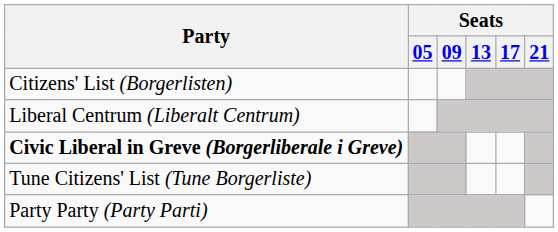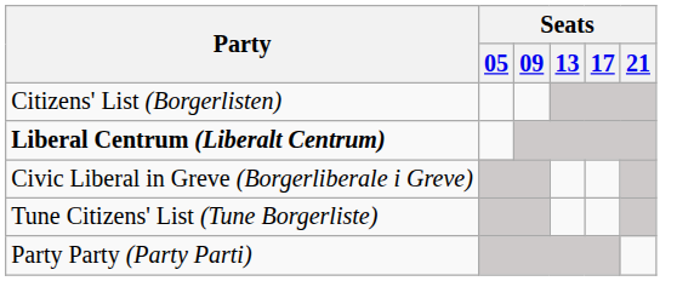 <table class="wikitable">
 <tr>
 <th rowspan=2>Party</th>
 <th colspan=11>Seats</th>
 </tr>
 <tr>
 <th><a href='#'>05</a></th>
 <th><a href='#'>09</a></th>
 <th><a href='#'>13</a></th>
 <th><a href='#'>17</a></th>
 <th><a href='#'>21</a></th>
 </tr>
 <tr>
 <td>Citizens' List <em>(Borgerlisten)</em></td>
 <td></td>
 <td></td>
 <td style="background:#CDC9C9;" colspan=3></td>
 </tr>
 <tr>
-<td>Liberal Centrum <em>(Liberalt Centrum)</em></td>
+<td><strong>Liberal Centrum <em>(Liberalt Centrum)</em></strong></td>
 <td></td>
 <td style="background:#CDC9C9;" colspan=4></td>
 </tr>
 <tr>
-<td><strong>Civic Liberal in Greve <em>(Borgerliberale i Greve)</em></strong></td>
+<td>Civic Liberal in Greve <em>(Borgerliberale i Greve)</em></td>
 <td style="background:#CDC9C9;" colspan=2></td>
 <td></td>
 <td></td>
 <td style="background:#CDC9C9;"></td>
 </tr>
 <tr>
 <td>Tune Citizens' List <em>(Tune Borgerliste)</em></td>
 <td style="background:#CDC9C9;" colspan=2></td>
 <td></td>
 <td></td>
 <td style="background:#CDC9C9;"></td>
 </tr>
 <tr>
 <td>Party Party <em>(Party Parti)</em></td>
 <td style="background:#CDC9C9;" colspan=4></td>
 <td></td>
 </tr>
 </table>
